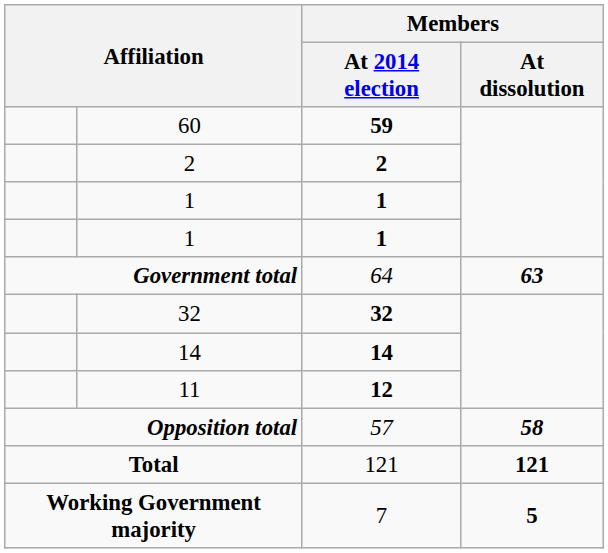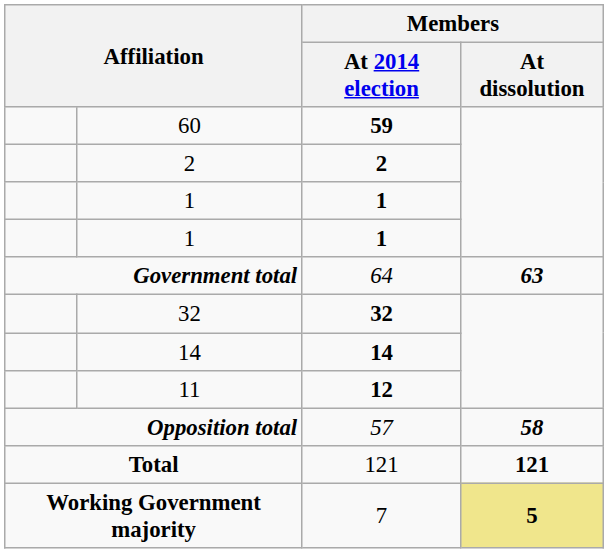 <table class="wikitable" border="1" style="font-size:95%; width:300pt; text-align:center">
 <tr>
 <th colspan="2" rowspan="2" style="text-align:center;vertical-align:middle; ">Affiliation</th>
 <th colspan="2" style="vertical-align:top;">Members</th>
 </tr>
 <tr>
 <th>At <a href='#'>2014 election</a></th>
 <th>At dissolution</th>
 </tr>
 <tr>
 <td></td>
 <td>60</td>
 <td><strong>59</strong></td>
 </tr>
 <tr>
 <td> </td>
 <td>2</td>
 <td><strong>2</strong></td>
 </tr>
 <tr>
 <td> </td>
 <td>1</td>
 <td><strong>1</strong></td>
 </tr>
 <tr>
 <td> </td>
 <td>1</td>
 <td><strong>1</strong></td>
 </tr>
 <tr>
 <td colspan="2" rowspan="1" style="text-align:right; "><strong><em>Government total</em></strong></td>
 <td><em>64</em></td>
 <td><strong><em>63</em></strong></td>
 </tr>
 <tr>
 <td></td>
 <td>32</td>
 <td><strong>32</strong></td>
 </tr>
 <tr>
 <td></td>
 <td>14</td>
 <td><strong>14</strong></td>
 </tr>
 <tr>
 <td></td>
 <td>11</td>
 <td><strong>12</strong></td>
 </tr>
 <tr>
 <td colspan="2" rowspan="1" style="text-align:right; "><strong><em>Opposition total</em></strong></td>
 <td><em>57</em></td>
 <td><strong><em>58</em></strong></td>
 </tr>
 <tr>
 <td colspan="2" rowspan="1"><strong>Total</strong><br></td>
 <td>121</td>
 <td><strong>121</strong></td>
 </tr>
 <tr>
 <td colspan="2" rowspan="1"><strong>Working Government majority</strong></td>
 <td>7</td>
-<td><strong>5</strong></td>
+<td style="background: khaki;"><strong>5</strong></td>
 </tr>
 </table>
